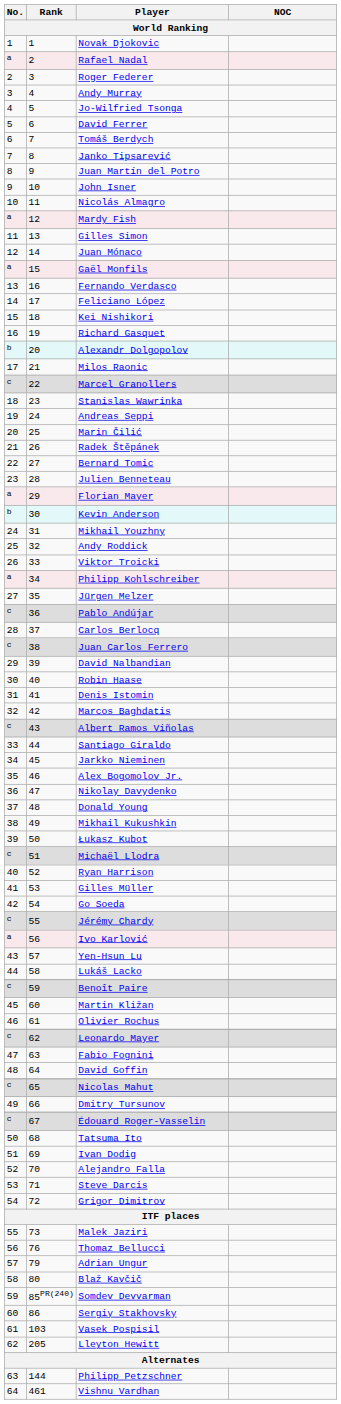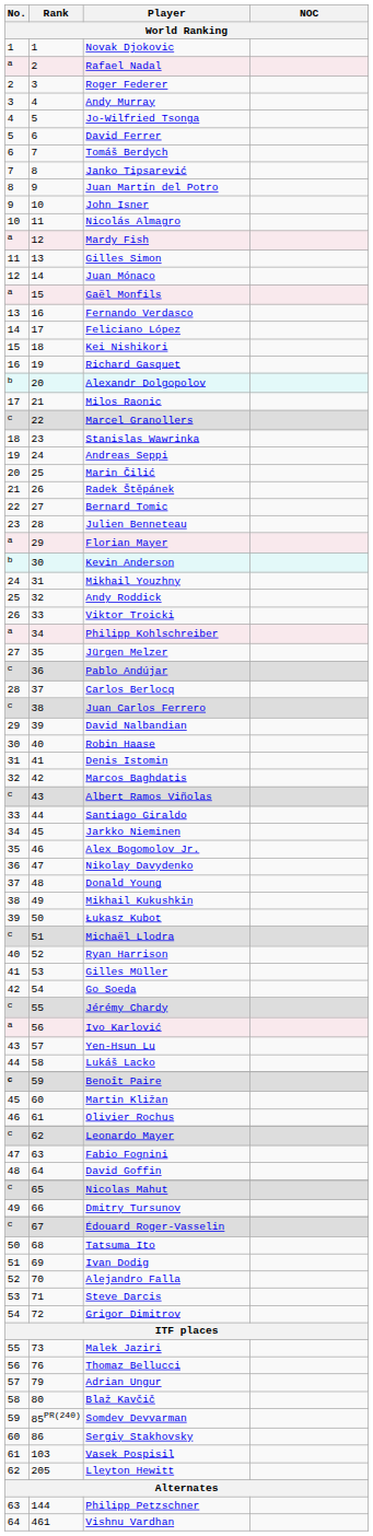 <table class="sortable wikitable">
 <tr>
 <th>No.</th>
 <th>Rank</th>
 <th width=200>Player</th>
 <th width=140>NOC</th>
 </tr>
 <tr>
 <th colspan=4>World Ranking</th>
 </tr>
 <tr>
 <td>1</td>
 <td>1</td>
 <td><a href='#'>Novak Djokovic</a></td>
 <td></td>
 </tr>
 <tr bgcolor=#F9E9ED>
 <td><sup>a</sup></td>
 <td>2</td>
 <td><a href='#'>Rafael Nadal</a></td>
 <td></td>
 </tr>
 <tr>
 <td>2</td>
 <td>3</td>
 <td><a href='#'>Roger Federer</a></td>
 <td></td>
 </tr>
 <tr>
 <td>3</td>
 <td>4</td>
 <td><a href='#'>Andy Murray</a></td>
 <td></td>
 </tr>
 <tr>
 <td>4</td>
 <td>5</td>
 <td><a href='#'>Jo-Wilfried Tsonga</a></td>
 <td></td>
 </tr>
 <tr>
 <td>5</td>
 <td>6</td>
 <td><a href='#'>David Ferrer</a></td>
 <td></td>
 </tr>
 <tr>
 <td>6</td>
 <td>7</td>
 <td><a href='#'>Tomáš Berdych</a></td>
 <td></td>
 </tr>
 <tr>
 <td>7</td>
 <td>8</td>
 <td><a href='#'>Janko Tipsarević</a></td>
 <td></td>
 </tr>
 <tr>
 <td>8</td>
 <td>9</td>
 <td><a href='#'>Juan Martín del Potro</a></td>
 <td></td>
 </tr>
 <tr>
 <td>9</td>
 <td>10</td>
 <td><a href='#'>John Isner</a></td>
 <td></td>
 </tr>
 <tr>
 <td>10</td>
 <td>11</td>
 <td><a href='#'>Nicolás Almagro</a></td>
 <td></td>
 </tr>
 <tr bgcolor=#F9E9ED>
 <td><sup>a</sup></td>
 <td>12</td>
 <td><a href='#'>Mardy Fish</a></td>
 <td></td>
 </tr>
 <tr>
 <td>11</td>
 <td>13</td>
 <td align=left><a href='#'>Gilles Simon</a></td>
 <td></td>
 </tr>
 <tr>
 <td>12</td>
 <td>14</td>
 <td align=left><a href='#'>Juan Mónaco</a></td>
 <td></td>
 </tr>
 <tr bgcolor=#F9E9ED>
 <td><sup>a</sup></td>
 <td>15</td>
 <td align=left><a href='#'>Gaël Monfils</a></td>
 <td></td>
 </tr>
 <tr>
 <td>13</td>
 <td>16</td>
 <td align=left><a href='#'>Fernando Verdasco</a></td>
 <td></td>
 </tr>
 <tr>
 <td>14</td>
 <td>17</td>
 <td align=left><a href='#'>Feliciano López</a></td>
 <td></td>
 </tr>
 <tr>
 <td>15</td>
 <td>18</td>
 <td align=left><a href='#'>Kei Nishikori</a></td>
 <td></td>
 </tr>
 <tr>
 <td>16</td>
 <td>19</td>
 <td align=left><a href='#'>Richard Gasquet</a></td>
 <td></td>
 </tr>
 <tr bgcolor=E3F9F9>
 <td><sup>b</sup></td>
 <td>20</td>
 <td align=left><a href='#'>Alexandr Dolgopolov</a></td>
 <td></td>
 </tr>
 <tr>
 <td>17</td>
 <td>21</td>
 <td align=left><a href='#'>Milos Raonic</a></td>
 <td></td>
 </tr>
 <tr bgcolor=DDDDDD>
 <td><sup>c</sup></td>
 <td>22</td>
 <td align=left><a href='#'>Marcel Granollers</a></td>
 <td></td>
 </tr>
 <tr>
 <td>18</td>
 <td>23</td>
 <td align=left><a href='#'>Stanislas Wawrinka</a></td>
 <td></td>
 </tr>
 <tr>
 <td>19</td>
 <td>24</td>
 <td align=left><a href='#'>Andreas Seppi</a></td>
 <td></td>
 </tr>
 <tr>
 <td>20</td>
 <td>25</td>
 <td align=left><a href='#'>Marin Čilić</a></td>
 <td></td>
 </tr>
 <tr>
 <td>21</td>
 <td>26</td>
 <td align=left><a href='#'>Radek Štěpánek</a></td>
 <td></td>
 </tr>
 <tr>
 <td>22</td>
 <td>27</td>
 <td align=left><a href='#'>Bernard Tomic</a></td>
 <td></td>
 </tr>
 <tr>
 <td>23</td>
 <td>28</td>
 <td align=left><a href='#'>Julien Benneteau</a></td>
 <td></td>
 </tr>
 <tr bgcolor=#F9E9ED>
 <td><sup>a</sup></td>
 <td>29</td>
 <td align=left><a href='#'>Florian Mayer</a></td>
 <td></td>
 </tr>
 <tr bgcolor=E3F9F9>
 <td><sup>b</sup></td>
 <td>30</td>
 <td align=left><a href='#'>Kevin Anderson</a></td>
 <td></td>
 </tr>
 <tr>
 <td>24</td>
 <td>31</td>
 <td align=left><a href='#'>Mikhail Youzhny</a></td>
 <td></td>
 </tr>
 <tr>
 <td>25</td>
 <td>32</td>
 <td align=left><a href='#'>Andy Roddick</a></td>
 <td></td>
 </tr>
 <tr>
 <td>26</td>
 <td>33</td>
 <td align=left><a href='#'>Viktor Troicki</a></td>
 <td></td>
 </tr>
 <tr bgcolor=#F9E9ED>
 <td><sup>a</sup></td>
 <td>34</td>
 <td align=left><a href='#'>Philipp Kohlschreiber</a></td>
 <td></td>
 </tr>
 <tr>
 <td>27</td>
 <td>35</td>
 <td align=left><a href='#'>Jürgen Melzer</a></td>
 <td></td>
 </tr>
 <tr bgcolor=DDDDDD>
 <td><sup>c</sup></td>
 <td>36</td>
 <td align=left><a href='#'>Pablo Andújar</a></td>
 <td></td>
 </tr>
 <tr>
 <td>28</td>
 <td>37</td>
 <td align=left><a href='#'>Carlos Berlocq</a></td>
 <td></td>
 </tr>
 <tr bgcolor=DDDDDD>
 <td><sup>c</sup></td>
 <td>38</td>
 <td align=left><a href='#'>Juan Carlos Ferrero</a></td>
 <td></td>
 </tr>
 <tr>
 <td>29</td>
 <td>39</td>
 <td align=left><a href='#'>David Nalbandian</a></td>
 <td></td>
 </tr>
 <tr>
 <td>30</td>
 <td>40</td>
 <td align=left><a href='#'>Robin Haase</a></td>
 <td></td>
 </tr>
 <tr>
 <td>31</td>
 <td>41</td>
 <td align=left><a href='#'>Denis Istomin</a></td>
 <td></td>
 </tr>
 <tr>
 <td>32</td>
 <td>42</td>
 <td align=left><a href='#'>Marcos Baghdatis</a></td>
 <td></td>
 </tr>
 <tr bgcolor=DDDDDD>
 <td><sup>c</sup></td>
 <td>43</td>
 <td align=left><a href='#'>Albert Ramos Viñolas</a></td>
 <td></td>
 </tr>
 <tr>
 <td>33</td>
 <td>44</td>
 <td align=left><a href='#'>Santiago Giraldo</a></td>
 <td></td>
 </tr>
 <tr>
 <td>34</td>
 <td>45</td>
 <td align=left><a href='#'>Jarkko Nieminen</a></td>
 <td></td>
 </tr>
 <tr>
 <td>35</td>
 <td>46</td>
 <td align=left><a href='#'>Alex Bogomolov Jr.</a></td>
 <td></td>
 </tr>
 <tr>
 <td>36</td>
 <td>47</td>
 <td align=left><a href='#'>Nikolay Davydenko</a></td>
 <td></td>
 </tr>
 <tr>
 <td>37</td>
 <td>48</td>
 <td align=left><a href='#'>Donald Young</a></td>
 <td></td>
 </tr>
 <tr>
 <td>38</td>
 <td>49</td>
 <td align=left><a href='#'>Mikhail Kukushkin</a></td>
 <td></td>
 </tr>
 <tr>
 <td>39</td>
 <td>50</td>
 <td align=left><a href='#'>Łukasz Kubot</a></td>
 <td></td>
 </tr>
 <tr bgcolor=DDDDDD>
 <td><sup>c</sup></td>
 <td>51</td>
 <td align=left><a href='#'>Michaël Llodra</a></td>
 <td></td>
 </tr>
 <tr>
 <td>40</td>
 <td>52</td>
 <td align=left><a href='#'>Ryan Harrison</a></td>
 <td></td>
 </tr>
 <tr>
 <td>41</td>
 <td>53</td>
 <td align=left><a href='#'>Gilles Müller</a></td>
 <td></td>
 </tr>
 <tr>
 <td>42</td>
 <td>54</td>
 <td align=left><a href='#'>Go Soeda</a></td>
 <td></td>
 </tr>
 <tr bgcolor=DDDDDD>
 <td><sup>c</sup></td>
 <td>55</td>
 <td align=left><a href='#'>Jérémy Chardy</a></td>
 <td></td>
 </tr>
 <tr bgcolor=#F9E9ED>
 <td><sup>a</sup></td>
 <td>56</td>
 <td align=left><a href='#'>Ivo Karlović</a></td>
 <td></td>
 </tr>
 <tr>
 <td>43</td>
 <td>57</td>
 <td align=left><a href='#'>Yen-Hsun Lu</a></td>
 <td></td>
 </tr>
 <tr>
 <td>44</td>
 <td>58</td>
 <td align=left><a href='#'>Lukáš Lacko</a></td>
 <td></td>
 </tr>
 <tr>
 </tr>
 <tr bgcolor=DDDDDD>
-<td><sup>c</sup></td>
+<td><strong><sup>c</sup></strong></td>
 <td>59</td>
 <td align=left><a href='#'>Benoît Paire</a></td>
 <td></td>
 </tr>
 <tr>
 <td>45</td>
 <td>60</td>
 <td align=left><a href='#'>Martin Kližan</a></td>
 <td></td>
 </tr>
 <tr>
 <td>46</td>
 <td>61</td>
 <td align=left><a href='#'>Olivier Rochus</a></td>
 <td></td>
 </tr>
 <tr>
 </tr>
 <tr bgcolor=DDDDDD>
 <td><sup>c</sup></td>
 <td>62</td>
 <td align=left><a href='#'>Leonardo Mayer</a></td>
 <td></td>
 </tr>
 <tr>
 <td>47</td>
 <td>63</td>
 <td align=left><a href='#'>Fabio Fognini</a></td>
 <td></td>
 </tr>
 <tr>
 <td>48</td>
 <td>64</td>
 <td align=left><a href='#'>David Goffin</a></td>
 <td></td>
 </tr>
 <tr>
 </tr>
 <tr bgcolor=DDDDDD>
 <td><sup>c</sup></td>
 <td>65</td>
 <td align=left><a href='#'>Nicolas Mahut</a></td>
 <td></td>
 </tr>
 <tr>
 <td>49</td>
 <td>66</td>
 <td align=left><a href='#'>Dmitry Tursunov</a></td>
 <td></td>
 </tr>
 <tr>
 </tr>
 <tr bgcolor=DDDDDD>
 <td><sup>c</sup></td>
 <td>67</td>
 <td align=left><a href='#'>Édouard Roger-Vasselin</a></td>
 <td></td>
 </tr>
 <tr>
 <td>50</td>
 <td>68</td>
 <td align=left><a href='#'>Tatsuma Ito</a></td>
 <td></td>
 </tr>
 <tr>
 <td>51</td>
 <td>69</td>
 <td align=left><a href='#'>Ivan Dodig</a></td>
 <td></td>
 </tr>
 <tr>
 <td>52</td>
 <td>70</td>
 <td align=left><a href='#'>Alejandro Falla</a></td>
 <td></td>
 </tr>
 <tr>
 <td>53</td>
 <td>71</td>
 <td align=left><a href='#'>Steve Darcis</a></td>
 <td></td>
 </tr>
 <tr>
 <td>54</td>
 <td>72</td>
 <td align=left><a href='#'>Grigor Dimitrov</a></td>
 <td></td>
 </tr>
 <tr>
 <th colspan=4 align=center>ITF places</th>
 </tr>
 <tr>
 <td>55</td>
 <td>73</td>
 <td align=left><a href='#'>Malek Jaziri</a></td>
 <td></td>
 </tr>
 <tr>
 <td>56</td>
 <td>76</td>
 <td align=left><a href='#'>Thomaz Bellucci</a></td>
 <td></td>
 </tr>
 <tr>
 <td>57</td>
 <td>79</td>
 <td align=left><a href='#'>Adrian Ungur</a></td>
 <td></td>
 </tr>
 <tr>
 <td>58</td>
 <td>80</td>
 <td align=left><a href='#'>Blaž Kavčič</a></td>
 <td></td>
 </tr>
 <tr>
 <td>59</td>
 <td>85<sup>PR(240)</sup></td>
 <td align=left><a href='#'>Somdev Devvarman</a></td>
 <td></td>
 </tr>
 <tr>
 <td>60</td>
 <td>86</td>
 <td align=left><a href='#'>Sergiy Stakhovsky</a></td>
 <td></td>
 </tr>
 <tr>
 <td>61</td>
 <td>103</td>
 <td align=left><a href='#'>Vasek Pospisil</a></td>
 <td></td>
 </tr>
 <tr>
 <td>62</td>
 <td>205</td>
 <td align=left><a href='#'>Lleyton Hewitt</a></td>
 <td></td>
 </tr>
 <tr>
 <th colspan=4 align=center>Alternates</th>
 </tr>
 <tr>
 <td>63</td>
 <td>144</td>
 <td align=left><a href='#'>Philipp Petzschner</a></td>
 <td></td>
 </tr>
 <tr>
 <td>64</td>
 <td>461</td>
 <td align=left><a href='#'>Vishnu Vardhan</a></td>
 <td></td>
 </tr>
 </table>
